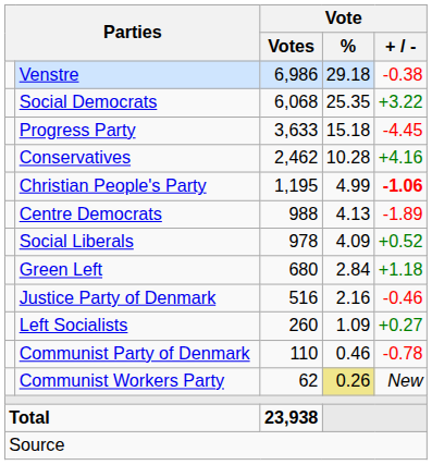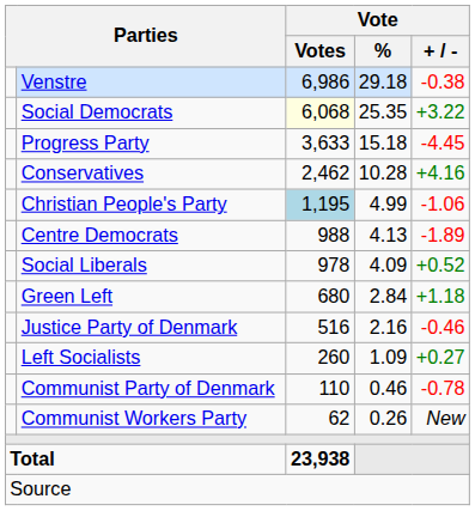 <table class="wikitable" style="text-align:right;">
 <tr>
 <th style="text-align:centre;" rowspan="2" colspan="2" width="225">Parties</th>
 <th colspan="3">Vote</th>
 </tr>
 <tr>
 <th width="15">Votes</th>
 <th width="15">%</th>
 <th width="15">+ / -</th>
 </tr>
 <tr>
 <td width="2" style="color:inherit;background:"></td>
 <td bgcolor=#cfe5fe  align="left"><a href='#'>Venstre</a></td>
 <td bgcolor=#cfe5fe>6,986</td>
 <td bgcolor=#cfe5fe>29.18</td>
 <td style=color:red;>-0.38</td>
 </tr>
 <tr>
 <td width="2" style="color:inherit;background:"></td>
 <td align="left"><a href='#'>Social Democrats</a></td>
-<td>6,068</td>
+<td style="background: lightyellow;">6,068</td>
 <td>25.35</td>
 <td style=color:green;>+3.22</td>
 </tr>
 <tr>
 <td width="2" style="color:inherit;background:"></td>
 <td align="left"><a href='#'>Progress Party</a></td>
 <td>3,633</td>
 <td>15.18</td>
 <td style=color:red;>-4.45</td>
 </tr>
 <tr>
 <td width="2" style="color:inherit;background:"></td>
 <td align="left"><a href='#'>Conservatives</a></td>
 <td>2,462</td>
 <td>10.28</td>
 <td style=color:green;>+4.16</td>
 </tr>
 <tr>
 <td width="2" style="color:inherit;background:"></td>
 <td align="left"><a href='#'>Christian People's Party</a></td>
-<td>1,195</td>
+<td style="background: lightblue;">1,195</td>
 <td>4.99</td>
-<td style=color:red;><strong>-1.06</strong></td>
+<td style=color:red;>-1.06</td>
 </tr>
 <tr>
 <td width="2" style="color:inherit;background:"></td>
 <td align="left"><a href='#'>Centre Democrats</a></td>
 <td>988</td>
 <td>4.13</td>
 <td style=color:red;>-1.89</td>
 </tr>
 <tr>
 <td width="2" style="color:inherit;background:"></td>
 <td align="left"><a href='#'>Social Liberals</a></td>
 <td>978</td>
 <td>4.09</td>
 <td style=color:green;>+0.52</td>
 </tr>
 <tr>
 <td width="2" style="color:inherit;background:"></td>
 <td align="left"><a href='#'>Green Left</a></td>
 <td>680</td>
 <td>2.84</td>
 <td style=color:green;>+1.18</td>
 </tr>
 <tr>
 <td width="2" style="color:inherit;background:"></td>
 <td align="left"><a href='#'>Justice Party of Denmark</a></td>
 <td>516</td>
 <td>2.16</td>
 <td style=color:red;>-0.46</td>
 </tr>
 <tr>
 <td width="2" style="color:inherit;background:"></td>
 <td align="left"><a href='#'>Left Socialists</a></td>
 <td>260</td>
 <td>1.09</td>
 <td style=color:green;>+0.27</td>
 </tr>
 <tr>
 <td width="2" style="color:inherit;background:"></td>
 <td align="left"><a href='#'>Communist Party of Denmark</a></td>
 <td>110</td>
 <td>0.46</td>
 <td style=color:red;>-0.78</td>
 </tr>
 <tr>
 <td width="2" style="color:inherit;background:"></td>
 <td align="left"><a href='#'>Communist Workers Party</a></td>
 <td>62</td>
-<td style="background: khaki;">0.26</td>
+<td>0.26</td>
 <td><em>New</em></td>
 </tr>
 <tr>
 <td colspan="7" bgcolor="#E9E9E9"></td>
 </tr>
 <tr>
 <td align="left" colspan="2"><strong>Total</strong></td>
 <td><strong>23,938</strong></td>
 <td bgcolor="#E9E9E9" colspan="2"></td>
 </tr>
 <tr>
 <td align="left" colspan="6">Source</td>
 </tr>
 </table>
